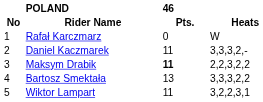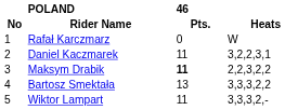 <table class="toccolours">
 <tr>
 <td></td>
 <td><strong>POLAND</strong></td>
 <td><strong>46</strong></td>
 </tr>
 <tr style="background-color:">
 <th width=30px>No</th>
 <th width=210px>Rider Name</th>
 <th width=70px>Pts.</th>
 <th width=110px>Heats</th>
 </tr>
 <tr style="background-color:">
 <td>1</td>
 <td><a href='#'>Rafał Karczmarz</a></td>
 <td>0</td>
 <td>W</td>
 </tr>
 <tr style="background-color:">
 <td>2</td>
 <td><a href='#'>Daniel Kaczmarek</a></td>
 <td>11</td>
-<td>3,3,3,2,-</td>
+<td>3,2,2,3,1</td>
 </tr>
 <tr style="background-color:">
 <td>3</td>
 <td><a href='#'>Maksym Drabik</a></td>
 <td><strong>11</strong></td>
 <td>2,2,3,2,2</td>
 </tr>
 <tr style="background-color:">
 <td>4</td>
 <td><a href='#'>Bartosz Smektała</a></td>
 <td>13</td>
 <td>3,3,3,2,2</td>
 </tr>
 <tr style="background-color:">
 <td>5</td>
 <td><a href='#'>Wiktor Lampart</a></td>
 <td>11</td>
-<td>3,2,2,3,1</td>
+<td>3,3,3,2,-</td>
 </tr>
 </table>
